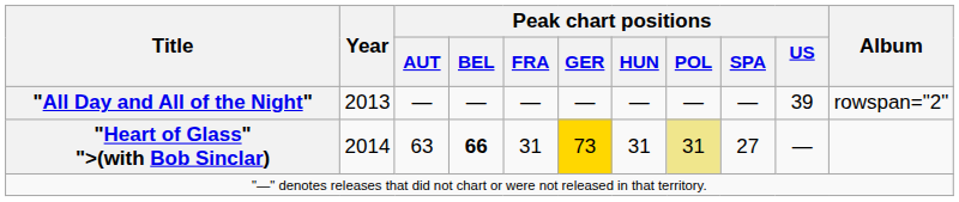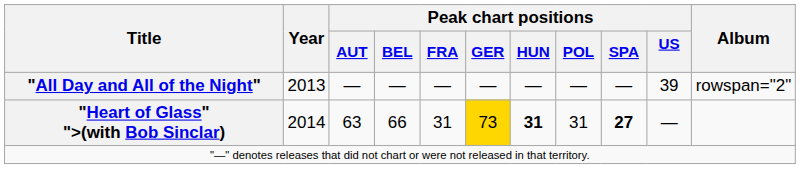 <table class="wikitable plainrowheaders" style="text-align:center;" border="1">
 <tr>
 <th scope="col" rowspan="2" style="width:16em;">Title</th>
 <th scope="col" rowspan="2">Year</th>
 <th scope="col" colspan="8">Peak chart positions</th>
 <th scope="col" rowspan="2">Album</th>
 </tr>
 <tr>
 <th scope="col" style="width:2.5em;font-size:90%;"><a href='#'>AUT</a><br></th>
 <th scope="col" style="width:2.5em;font-size:90%;"><a href='#'>BEL</a><br></th>
 <th scope="col" style="width:2.5em;font-size:90%;"><a href='#'>FRA</a><br></th>
 <th scope="col" style="width:2.5em;font-size:90%;"><a href='#'>GER</a><br></th>
 <th scope="col" style="width:2.5em;font-size:90%;"><a href='#'>HUN</a><br></th>
 <th scope="col" style="width:2.5em;font-size:90%;"><a href='#'>POL</a><br></th>
 <th scope="col" style="width:2.5em;font-size:90%;"><a href='#'>SPA</a><br></th>
 <th scope="col" style="width:2.5em;font-size:90%;"><a href='#'>US<br></a><br></th>
 </tr>
 <tr>
 <th scope="row">"<a href='#'>All Day and All of the Night</a>"</th>
 <td>2013</td>
 <td>—</td>
 <td>—</td>
 <td>—</td>
 <td>—</td>
 <td>—</td>
 <td>—</td>
 <td>—</td>
 <td>39</td>
 <td>rowspan="2" </td>
 </tr>
 <tr>
 <th scope="row">"<a href='#'>Heart of Glass</a>"<br><span>">(with <a href='#'>Bob Sinclar</a>)</span></th>
 <td>2014</td>
 <td>63</td>
-<td><strong>66</strong></td>
+<td>66</td>
 <td>31</td>
 <td style="background: gold;">73</td>
+<td><strong>31</strong></td>
 <td>31</td>
-<td style="background: khaki;">31</td>
-<td>27</td>
+<td><strong>27</strong></td>
 <td>—</td>
 </tr>
 <tr>
 <td align="center" colspan="15" style="font-size:8pt">"—" denotes releases that did not chart or were not released in that territory.</td>
 </tr>
 </table>
